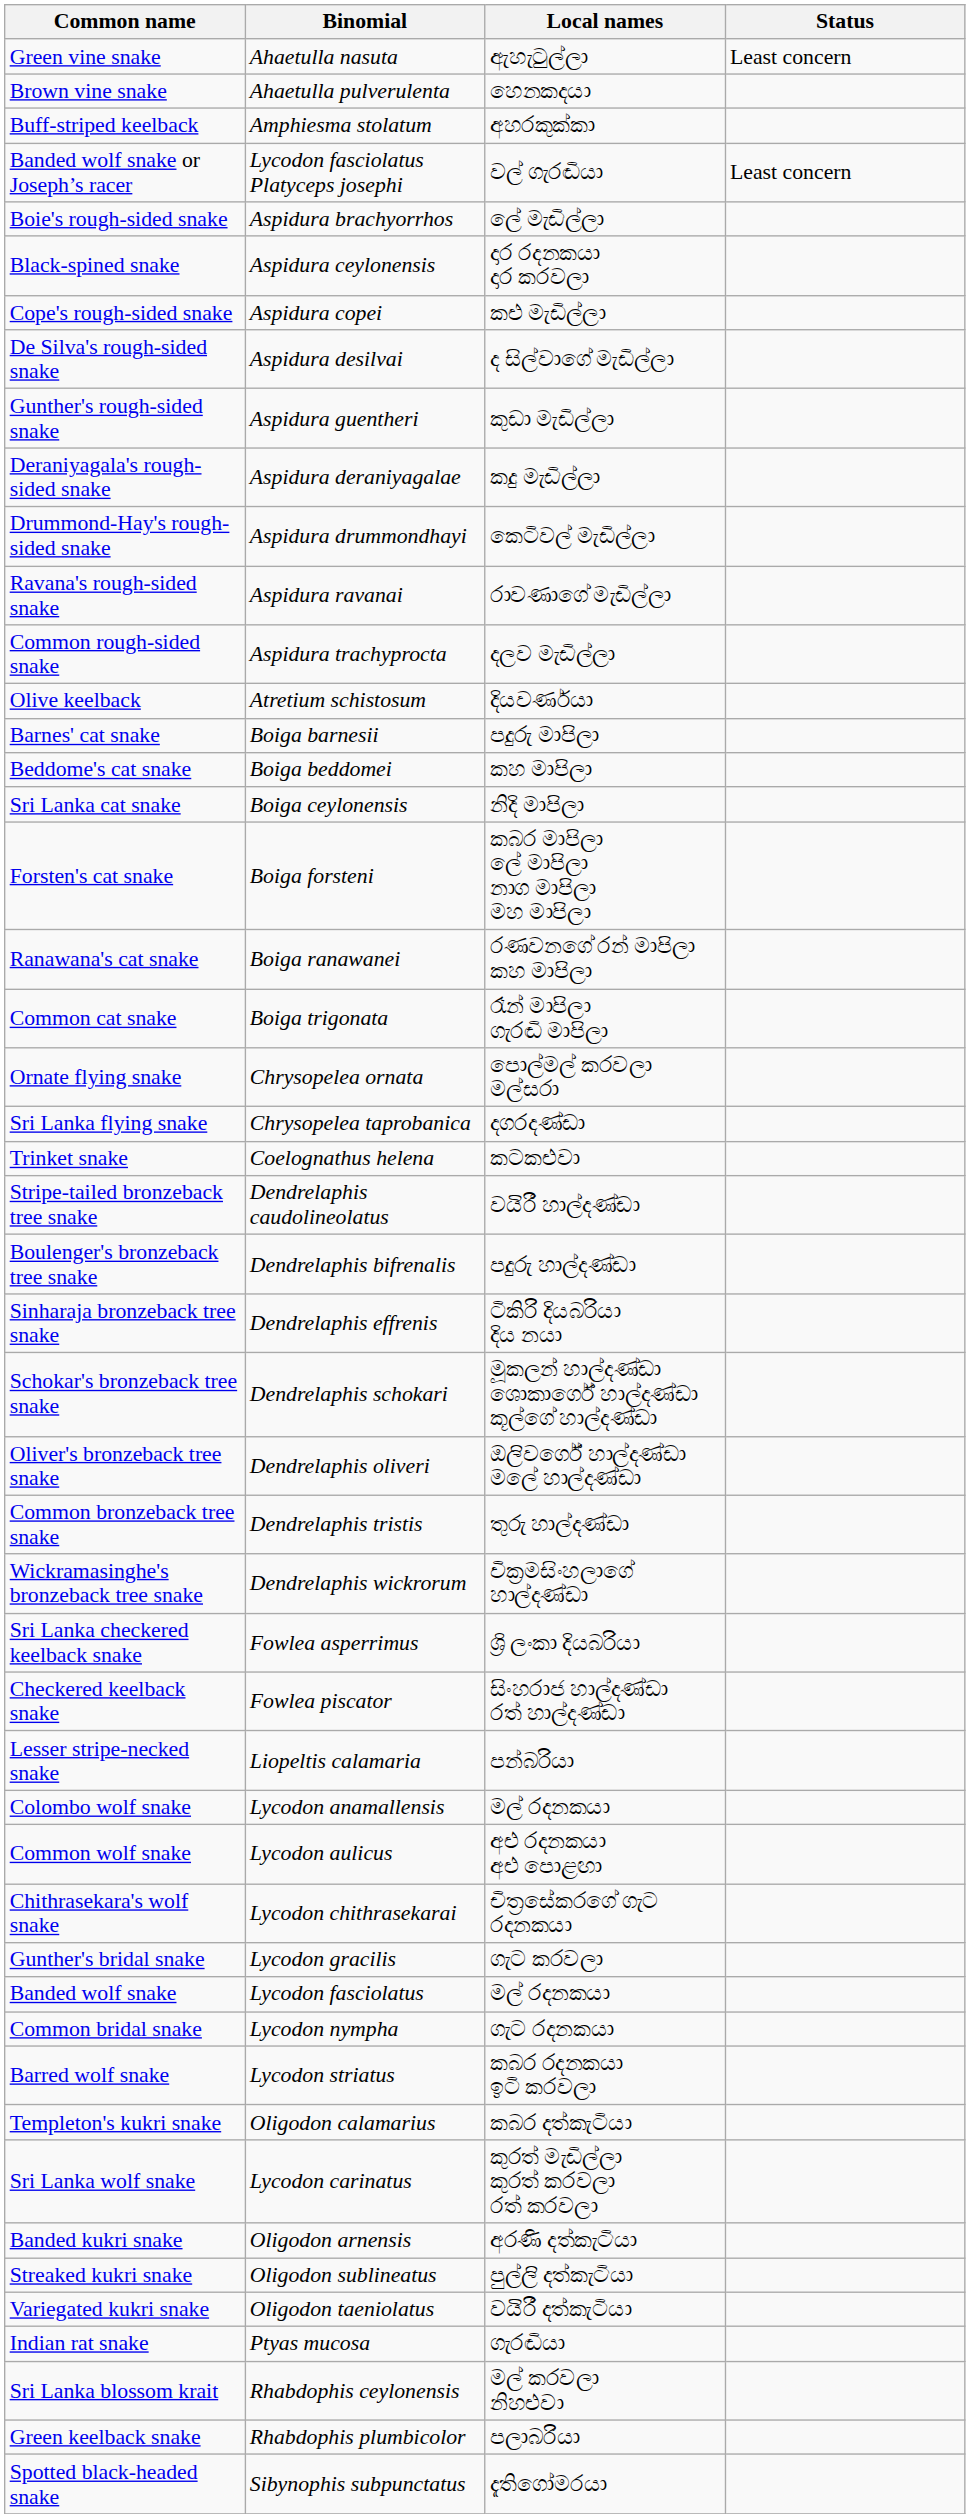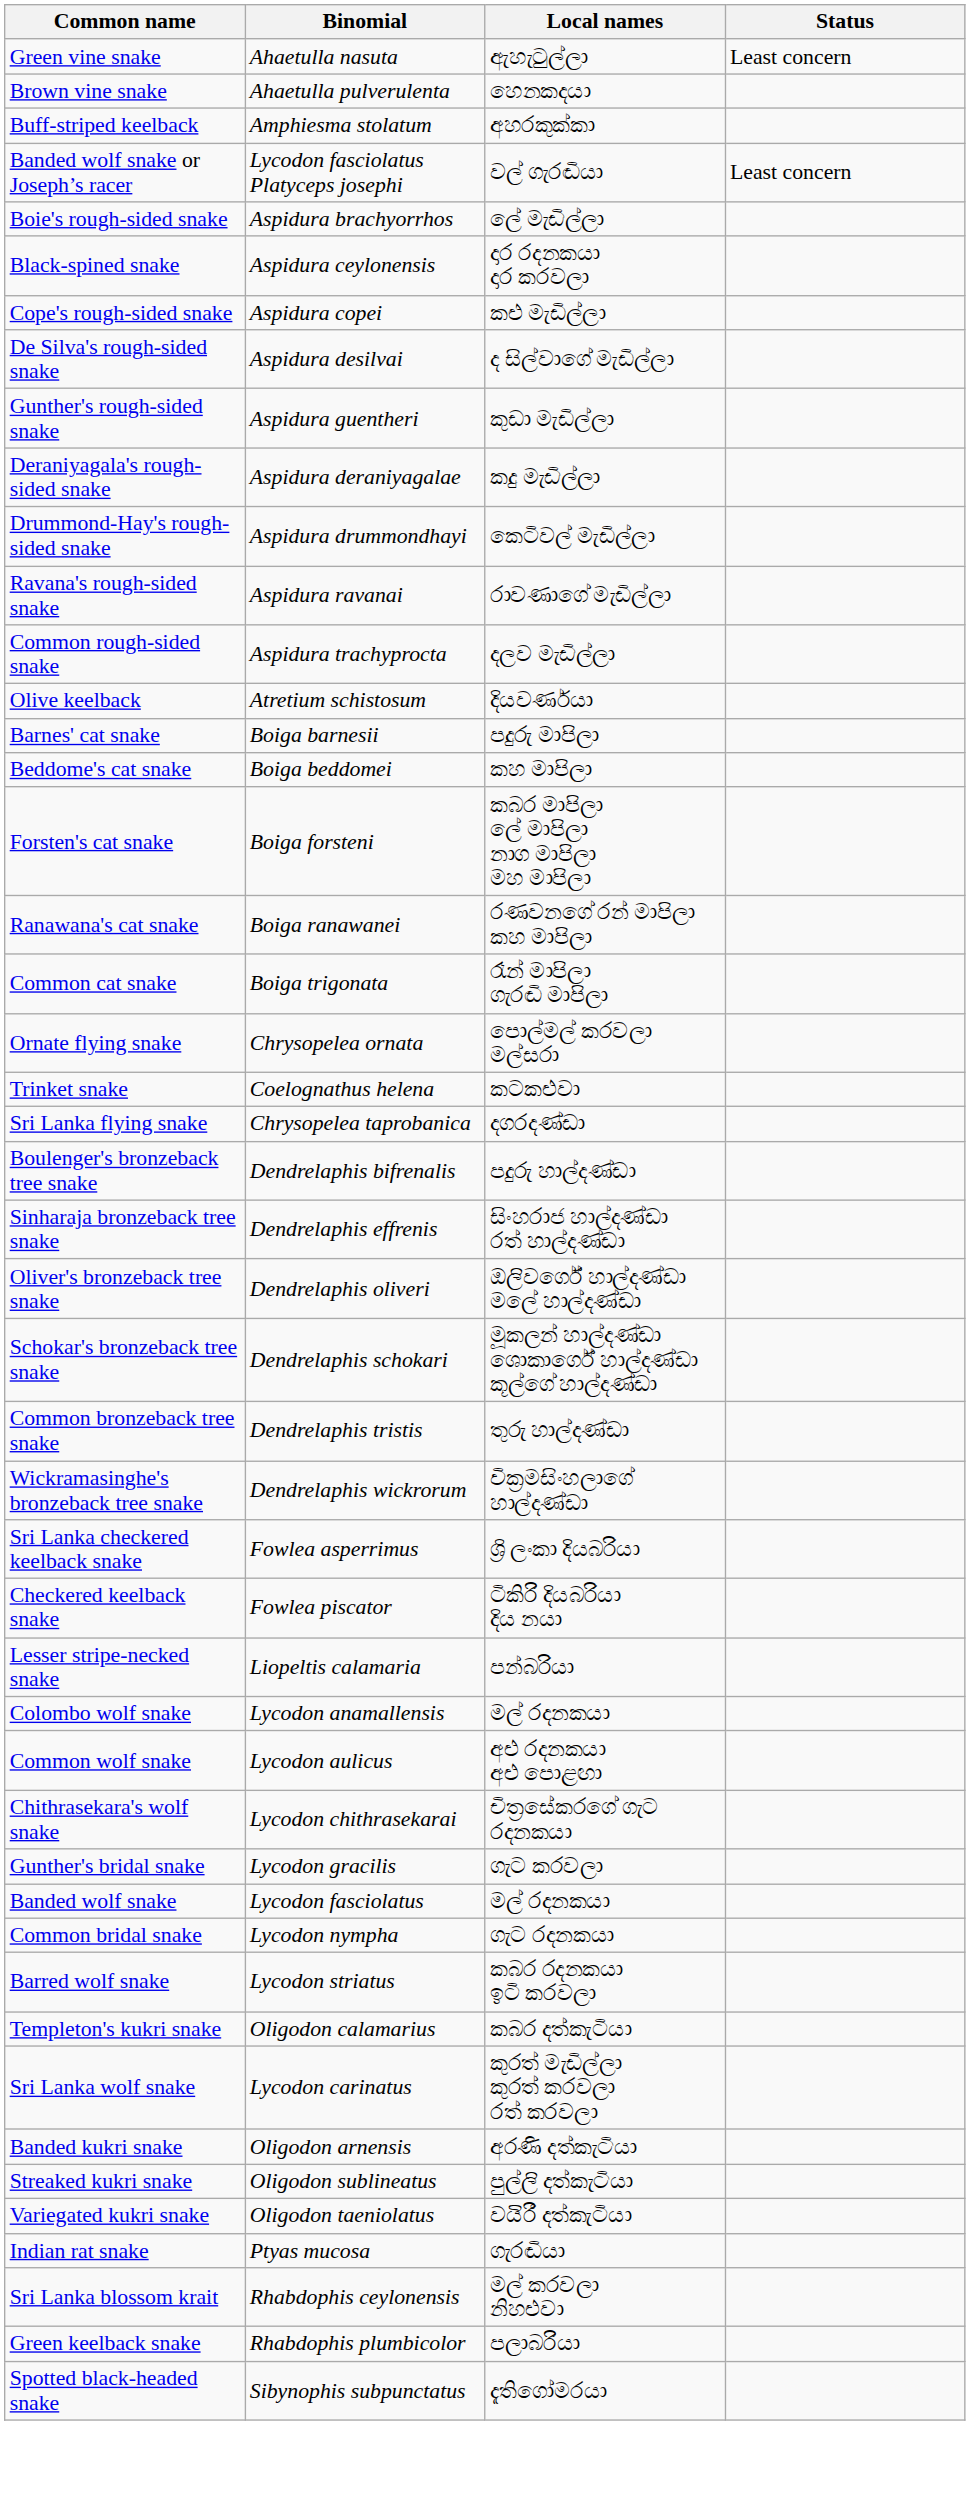 <table width=80% class="wikitable">
 <tr>
 <th width=20%>Common name</th>
 <th width=20%>Binomial</th>
 <th width=20%>Local names</th>
 <th width=20%>Status</th>
 </tr>
 <tr>
 <td><a href='#'>Green vine snake</a><br></td>
 <td><em>Ahaetulla nasuta</em></td>
 <td>ඇහැ‍ටුල්ලා</td>
 <td>Least concern</td>
 </tr>
 <tr>
 <td><a href='#'>Brown vine snake</a><br></td>
 <td><em>Ahaetulla pulverulenta</em></td>
 <td>හෙනකදයා</td>
 <td></td>
 </tr>
 <tr>
 <td><a href='#'>Buff-striped keelback</a><br></td>
 <td><em>Amphiesma stolatum</em></td>
 <td>අහරකුක්කා</td>
 <td></td>
 </tr>
 <tr>
 <td><a href='#'>Banded wolf snake</a> or <a href='#'>Joseph’s racer</a><br></td>
 <td><em>Lycodon fasciolatus</em> <br> <em>Platyceps josephi</em></td>
 <td>වල් ගැරඬියා</td>
 <td>Least concern</td>
 </tr>
 <tr>
 <td><a href='#'>Boie's rough-sided snake</a></td>
 <td><em>Aspidura brachyorrhos</em></td>
 <td>ලේ මැඩිල්ලා</td>
 <td></td>
 </tr>
 <tr>
 <td><a href='#'>Black-spined snake</a><br></td>
 <td><em>Aspidura ceylonensis</em></td>
 <td>දාර රදනකයා <br>දාර කරවලා</td>
 <td></td>
 </tr>
 <tr>
 <td><a href='#'>Cope's rough-sided snake</a></td>
 <td><em>Aspidura copei</em></td>
 <td>කළු මැඩිල්ලා</td>
 <td></td>
 </tr>
 <tr>
 <td><a href='#'>De Silva's rough-sided snake</a></td>
 <td><em>Aspidura desilvai</em></td>
 <td>ද සිල්වාගේ මැඩිල්ලා</td>
 <td></td>
 </tr>
 <tr>
 <td><a href='#'>Gunther's rough-sided snake</a><br></td>
 <td><em>Aspidura guentheri</em></td>
 <td>කුඩා මැඩිල්ලා</td>
 <td></td>
 </tr>
 <tr>
 <td><a href='#'>Deraniyagala's rough-sided snake</a></td>
 <td><em>Aspidura deraniyagalae</em></td>
 <td>කදු මැඩිල්ලා</td>
 <td></td>
 </tr>
 <tr>
 <td><a href='#'>Drummond-Hay's rough-sided snake</a></td>
 <td><em>Aspidura drummondhayi</em></td>
 <td>කෙටිවල් මැඩිල්ලා</td>
 </tr>
 <tr>
 <td><a href='#'>Ravana's rough-sided snake</a><br></td>
 <td><em>Aspidura ravanai</em></td>
 <td>රාවණාගේ මැඩිල්ලා</td>
 <td></td>
 </tr>
 <tr>
 <td><a href='#'>Common rough-sided snake</a><br></td>
 <td><em>Aspidura trachyprocta</em></td>
 <td>දලව මැඩිල්ලා</td>
 <td></td>
 </tr>
 <tr>
 <td><a href='#'>Olive keelback</a><br></td>
 <td><em>Atretium schistosum</em></td>
 <td>දියවර්ණයා</td>
 <td></td>
 </tr>
 <tr>
 <td><a href='#'>Barnes' cat snake</a></td>
 <td><em>Boiga barnesii</em></td>
 <td>පදුරු මාපිලා</td>
 <td></td>
 </tr>
 <tr>
 <td><a href='#'>Beddome's cat snake</a><br></td>
 <td><em>Boiga beddomei</em></td>
 <td>කහ මාපිලා</td>
 <td></td>
 </tr>
 <tr>
-<td><a href='#'>Sri Lanka cat snake</a><br></td>
-<td><em>Boiga ceylonensis</em></td>
-<td>නිදි මාපිලා</td>
-<td></td>
-</tr>
-<tr>
 <td><a href='#'>Forsten's cat snake</a><br></td>
 <td><em>Boiga forsteni</em></td>
 <td>කබර මාපිලා <br>ලේ මාපිලා <br>නාග මාපිලා<br> මහ මාපිලා</td>
 <td></td>
 </tr>
 <tr>
 <td><a href='#'>Ranawana's cat snake</a></td>
 <td><em>Boiga ranawanei</em></td>
 <td>රණවනගේ රන් මාපිලා <br>කහ මාපිලා</td>
 <td></td>
 </tr>
 <tr>
 <td><a href='#'>Common cat snake</a><br></td>
 <td><em>Boiga trigonata</em></td>
 <td>රෑන් මාපිලා<br> ගැරඬි මාපිලා</td>
 <td></td>
 </tr>
 <tr>
 <td><a href='#'>Ornate flying snake</a><br></td>
 <td><em>Chrysopelea ornata</em></td>
 <td>පොල්මල් කරවලා <br>මල්සරා</td>
 <td></td>
 </tr>
 <tr>
-<td><a href='#'>Sri Lanka flying snake</a><br></td>
-<td><em>Chrysopelea taprobanica</em></td>
-<td>දගරදණ්ඩා</td>
-<td></td>
-</tr>
-<tr>
 <td><a href='#'>Trinket snake</a><br></td>
 <td><em>Coelognathus helena</em></td>
 <td>කටකළුවා</td>
 <td></td>
 </tr>
 <tr>
-<td><a href='#'>Stripe-tailed bronzeback tree snake</a><br></td>
-<td><em>Dendrelaphis caudolineolatus</em></td>
-<td>වයිරී හාල්දණ්ඩා</td>
+<td><a href='#'>Sri Lanka flying snake</a><br></td>
+<td><em>Chrysopelea taprobanica</em></td>
+<td>දගරදණ්ඩා</td>
 <td></td>
 </tr>
 <tr>
 <td><a href='#'>Boulenger's bronzeback tree snake</a><br></td>
 <td><em>Dendrelaphis bifrenalis</em></td>
 <td>පදුරු හාල්දණ්ඩා</td>
 <td></td>
 </tr>
 <tr>
 <td><a href='#'>Sinharaja bronzeback tree snake</a></td>
 <td><em>Dendrelaphis effrenis</em></td>
-<td>ටිකිරි දියබරියා <br>දිය නයා</td>
+<td>සිංහරාජ හාල්දණ්ඩා <br>රත් හාල්දණ්ඩා</td>
+<td></td>
+</tr>
+<tr>
+<td><a href='#'>Oliver's bronzeback tree snake</a></td>
+<td><em>Dendrelaphis oliveri</em></td>
+<td>ඔලිවර්ගේ හාල්දණ්ඩා <br>මලේ හාල්දණ්ඩා</td>
 <td></td>
 </tr>
 <tr>
 <td><a href='#'>Schokar's bronzeback tree snake</a><br></td>
 <td><em>Dendrelaphis schokari</em></td>
 <td>මූකලන් හාල්දණ්ඩා <br>ශොකාර්ගේ හාල්දණ්ඩා <br>කූල්ගේ හාල්දණ්ඩා</td>
-<td></td>
-</tr>
-<tr>
-<td><a href='#'>Oliver's bronzeback tree snake</a></td>
-<td><em>Dendrelaphis oliveri</em></td>
-<td>ඔලිවර්ගේ හාල්දණ්ඩා <br>මලේ හාල්දණ්ඩා</td>
 <td></td>
 </tr>
 <tr>
 <td><a href='#'>Common bronzeback tree snake</a><br></td>
 <td><em>Dendrelaphis tristis</em></td>
 <td>තුරු හාල්දණ්ඩා</td>
 <td></td>
 </tr>
 <tr>
 <td><a href='#'>Wickramasinghe's bronzeback tree snake</a></td>
 <td><em>Dendrelaphis wickrorum</em></td>
 <td>වික්‍රමසිංහලාගේ හාල්දණ්ඩා</td>
 <td></td>
 </tr>
 <tr>
 <td><a href='#'>Sri Lanka checkered keelback snake</a><br></td>
 <td><em>Fowlea asperrimus</em></td>
 <td>ශ්‍රි ලංකා දියබරියා</td>
 <td></td>
 </tr>
 <tr>
 <td><a href='#'>Checkered keelback snake</a><br></td>
 <td><em>Fowlea piscator</em></td>
-<td>සිංහරාජ හාල්දණ්ඩා <br>රත් හාල්දණ්ඩා</td>
+<td>ටිකිරි දියබරියා <br>දිය නයා</td>
 <td></td>
 </tr>
 <tr>
 <td><a href='#'>Lesser stripe-necked snake</a></td>
 <td><em>Liopeltis calamaria</em></td>
 <td>පන්බරියා</td>
 <td></td>
 </tr>
 <tr>
 <td><a href='#'>Colombo wolf snake</a><br></td>
 <td><em>Lycodon anamallensis</em></td>
 <td>මල් රදනකයා</td>
 <td></td>
 </tr>
 <tr>
 <td><a href='#'>Common wolf snake</a><br></td>
 <td><em>Lycodon aulicus</em></td>
 <td>අළු රදනකයා <br>අළු පොළඟා</td>
 <td></td>
 </tr>
 <tr>
 <td><a href='#'>Chithrasekara's wolf snake</a></td>
 <td><em>Lycodon chithrasekarai</em></td>
 <td>චිත්‍රසේකරගේ ගැට රදනකයා</td>
 <td></td>
 </tr>
 <tr>
 <td><a href='#'>Gunther's bridal snake</a></td>
 <td><em>Lycodon gracilis</em></td>
 <td>ගැට කරවලා</td>
 <td></td>
 </tr>
 <tr>
 <td><a href='#'>Banded wolf snake</a><br></td>
 <td><em>Lycodon fasciolatus</em></td>
 <td>මල් රදනකයා</td>
 <td></td>
 </tr>
 <tr>
 <td><a href='#'>Common bridal snake</a><br></td>
 <td><em>Lycodon nympha</em></td>
 <td>ගැට රදනකයා</td>
 <td></td>
 </tr>
 <tr>
 <td><a href='#'>Barred wolf snake</a><br></td>
 <td><em>Lycodon striatus</em></td>
 <td>කබර රදනකයා <br>ඉටි කරවලා</td>
 <td></td>
 </tr>
 <tr>
 <td><a href='#'>Templeton's kukri snake</a></td>
 <td><em>Oligodon calamarius</em></td>
 <td>කබර දත්කැටියා</td>
 <td></td>
 </tr>
 <tr>
 <td><a href='#'>Sri Lanka wolf snake</a></td>
 <td><em>Lycodon carinatus</em></td>
 <td>කුරත් මැඩිල්ලා <br>කුරත් කරවලා<br> රත් කරවලා</td>
 <td></td>
 </tr>
 <tr>
 <td><a href='#'>Banded kukri snake</a><br></td>
 <td><em>Oligodon arnensis</em></td>
 <td>අරණි දත්කැටියා</td>
 <td></td>
 </tr>
 <tr>
 <td><a href='#'>Streaked kukri snake</a><br></td>
 <td><em>Oligodon sublineatus</em></td>
 <td>පුල්ලි දත්කැටියා</td>
 <td></td>
 </tr>
 <tr>
 <td><a href='#'>Variegated kukri snake</a><br></td>
 <td><em>Oligodon taeniolatus</em></td>
 <td>වයිරී දත්කැටියා</td>
 <td></td>
 </tr>
 <tr>
 <td><a href='#'>Indian rat snake</a><br></td>
 <td><em>Ptyas mucosa</em></td>
 <td>ගැරඬියා</td>
 <td></td>
 </tr>
 <tr>
 <td><a href='#'>Sri Lanka blossom krait</a></td>
 <td><em>Rhabdophis ceylonensis</em></td>
 <td>මල් කරවලා <br> නිහළුවා</td>
 <td></td>
 </tr>
 <tr>
 <td><a href='#'>Green keelback snake</a><br></td>
 <td><em>Rhabdophis plumbicolor</em></td>
 <td>පලාබරියා</td>
 <td></td>
 </tr>
 <tr>
 <td><a href='#'>Spotted black-headed snake</a><br></td>
 <td><em>Sibynophis subpunctatus</em></td>
 <td>දැතිගෝමරයා</td>
 <td></td>
 </tr>
 </table>
